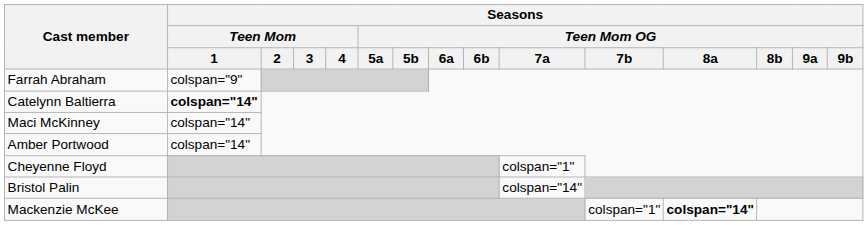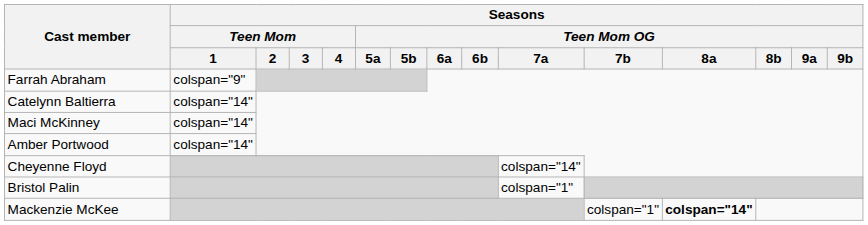 <table class="wikitable plainrowheaders" width="80%">
 <tr>
 <th scope="col" rowspan="3" style="width:25%;">Cast member</th>
 <th scope="col" colspan="14">Seasons</th>
 </tr>
 <tr>
 <th scope="col" colspan="4"><em>Teen Mom</em></th>
 <th scope="col" colspan="10"><em>Teen Mom OG</em></th>
 </tr>
 <tr>
 <th scope="col" style="width:5%;">1</th>
 <th scope="col" style="width:5%;">2</th>
 <th scope="col" style="width:5%;">3</th>
 <th scope="col" style="width:5%;">4</th>
 <th scope="col" style="width:5%;">5a</th>
 <th scope="col" style="width:5%;">5b</th>
 <th scope="col" style="width:5%;">6a</th>
 <th scope="col" style="width:5%;">6b</th>
 <th scope="col" style="width:5%;">7a</th>
 <th scope="col" style="width:5%;">7b</th>
 <th scope="col" style="width:5%;">8a</th>
 <th scope="col" style="width:5%;">8b</th>
 <th scope="col" style="width:5%;">9a</th>
 <th scope="col" style="width:5%;">9b</th>
 </tr>
 <tr>
 <td scope="row">Farrah Abraham</td>
 <td>colspan="9" </td>
 <td colspan="5" style="background: #D3D3D3"></td>
 </tr>
 <tr>
 <td scope="row">Catelynn Baltierra</td>
-<td><strong>colspan="14" </strong></td>
+<td>colspan="14" </td>
 </tr>
 <tr>
 <td scope="row">Maci McKinney</td>
 <td>colspan="14" </td>
 </tr>
 <tr>
 <td scope="row">Amber Portwood</td>
 <td>colspan="14" </td>
 </tr>
 <tr>
 <td scope="row">Cheyenne Floyd</td>
 <td colspan="8" style="background: #D3D3D3"></td>
-<td>colspan="1" </td>
+<td>colspan="14" </td>
 </tr>
 <tr>
 <td scope="row">Bristol Palin</td>
 <td colspan="8" style="background: #D3D3D3"></td>
-<td>colspan="14" </td>
+<td>colspan="1" </td>
 <td colspan="5" style="background: #D3D3D3"></td>
 </tr>
 <tr>
 <td scope="row">Mackenzie McKee</td>
 <td colspan="9" style="background: #D3D3D3"></td>
 <td>colspan="1" </td>
 <td><strong>colspan="14" </strong></td>
 </tr>
 </table>
